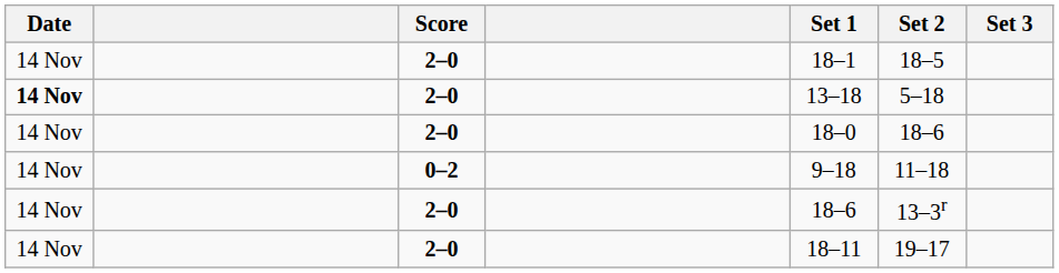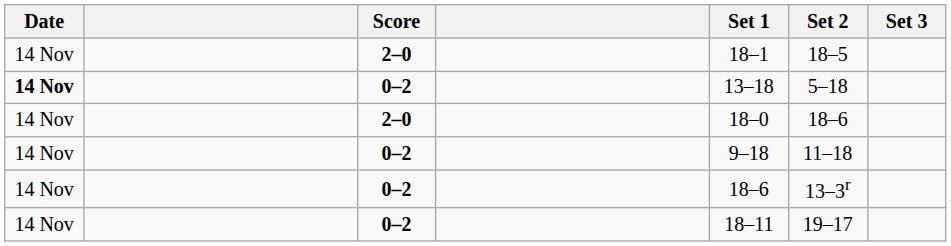 <table class="wikitable" style="text-align: center; font-size:90% ">
 <tr>
 <th width="50">Date</th>
 <th align="right" width="190"></th>
 <th width="50">Score</th>
 <th align="left" width="190"></th>
 <th width="50">Set 1</th>
 <th width="50">Set 2</th>
 <th width="50">Set 3</th>
 </tr>
 <tr>
 <td>14 Nov</td>
 <td align=right><strong></strong></td>
 <td align=center><strong>2–0</strong></td>
 <td align=left></td>
 <td>18–1</td>
 <td>18–5</td>
 <td></td>
 </tr>
 <tr>
 <td><strong>14 Nov</strong></td>
 <td align=right></td>
-<td align=center><strong>2–0</strong></td>
+<td align=center><strong>0–2</strong></td>
 <td align=left><strong></strong></td>
 <td>13–18</td>
 <td>5–18</td>
 <td></td>
 </tr>
 <tr>
 <td>14 Nov</td>
 <td align=right><strong></strong></td>
 <td align=center><strong>2–0</strong></td>
 <td align=left></td>
 <td>18–0</td>
 <td>18–6</td>
 <td></td>
 </tr>
 <tr>
 <td>14 Nov</td>
 <td align=right></td>
 <td align=center><strong>0–2</strong></td>
 <td align=left><strong></strong></td>
 <td>9–18</td>
 <td>11–18</td>
 <td></td>
 </tr>
 <tr>
 <td>14 Nov</td>
 <td align=right><strong></strong></td>
-<td align=center><strong>2–0</strong></td>
+<td align=center><strong>0–2</strong></td>
 <td align=left></td>
 <td>18–6</td>
 <td>13–3<sup>r</sup></td>
 <td></td>
 </tr>
 <tr>
 <td>14 Nov</td>
 <td align=right><strong></strong></td>
-<td align=center><strong>2–0</strong></td>
+<td align=center><strong>0–2</strong></td>
 <td align=left></td>
 <td>18–11</td>
 <td>19–17</td>
 <td></td>
 </tr>
 </table>
